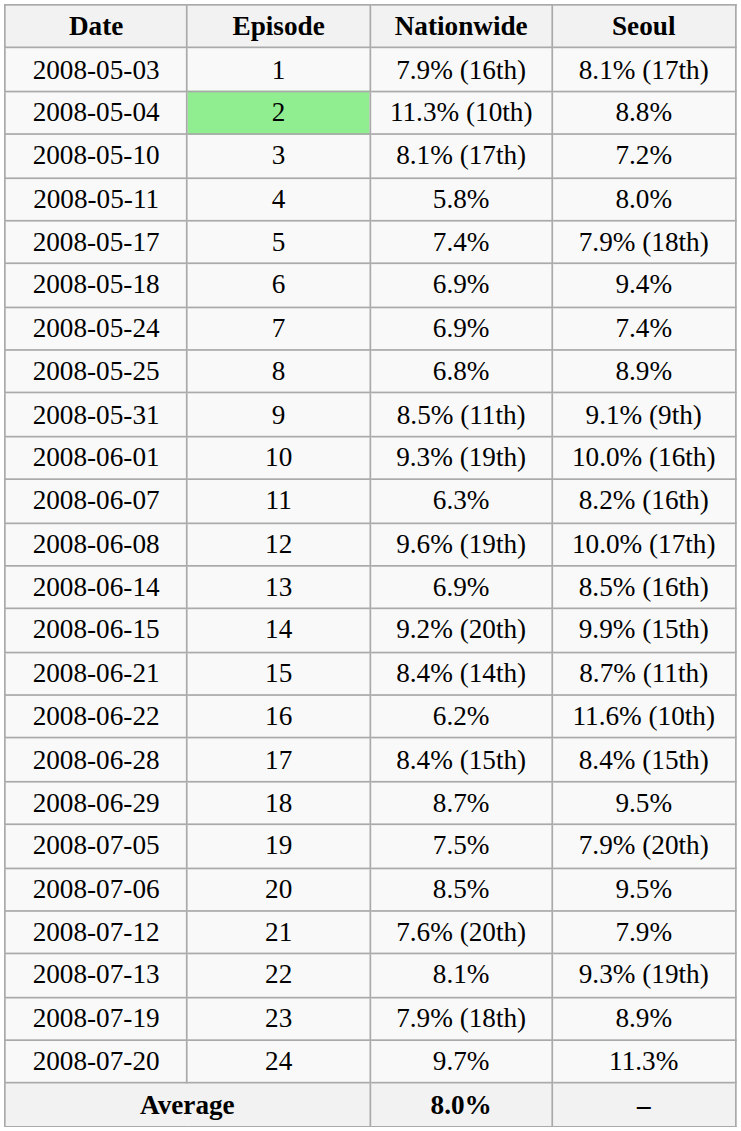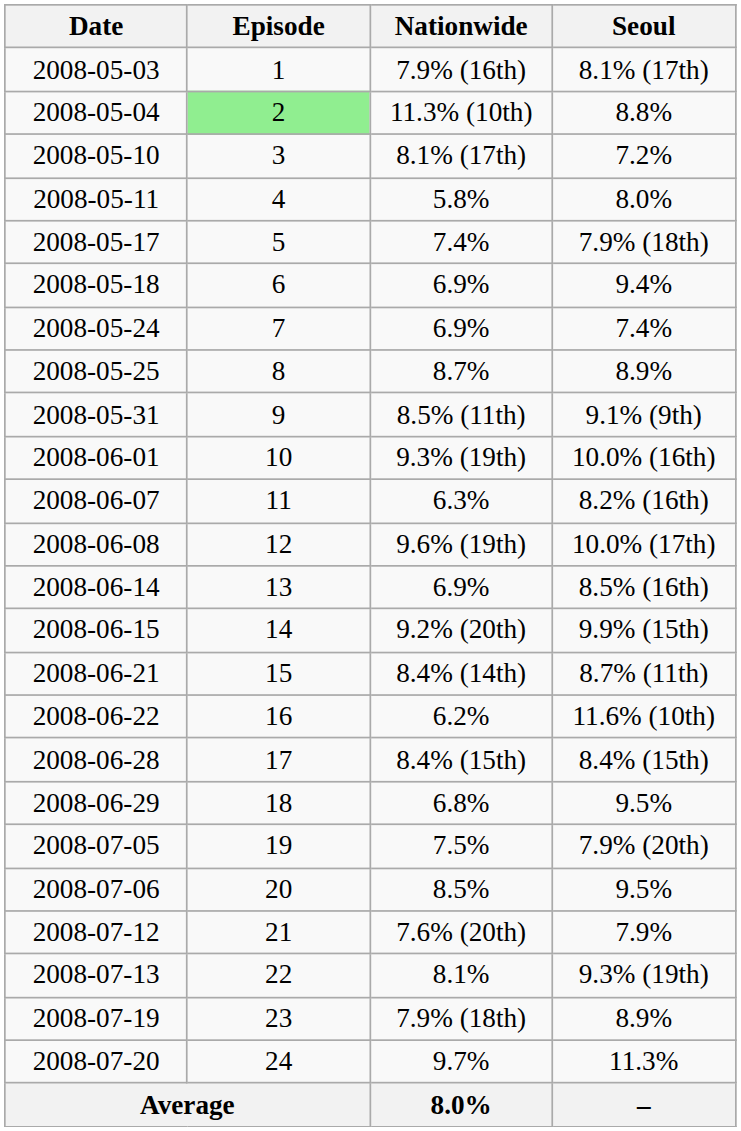 <table class="wikitable">
 <tr>
 <th width=100>Date</th>
 <th width=100>Episode</th>
 <th width=100>Nationwide</th>
 <th width=100>Seoul</th>
 </tr>
 <tr align=center>
 <td>2008-05-03</td>
 <td>1</td>
 <td>7.9% (16th)</td>
 <td>8.1% (17th)</td>
 </tr>
 <tr align=center>
 <td>2008-05-04</td>
 <td style="background: lightgreen;">2</td>
 <td>11.3% (10th)</td>
 <td>8.8%</td>
 </tr>
 <tr align=center>
 <td>2008-05-10</td>
 <td>3</td>
 <td>8.1% (17th)</td>
 <td>7.2%</td>
 </tr>
 <tr align=center>
 <td>2008-05-11</td>
 <td>4</td>
 <td>5.8%</td>
 <td>8.0%</td>
 </tr>
 <tr align=center>
 <td>2008-05-17</td>
 <td>5</td>
 <td>7.4%</td>
 <td>7.9% (18th)</td>
 </tr>
 <tr align=center>
 <td>2008-05-18</td>
 <td>6</td>
 <td>6.9%</td>
 <td>9.4%</td>
 </tr>
 <tr align=center>
 <td>2008-05-24</td>
 <td>7</td>
 <td>6.9%</td>
 <td>7.4%</td>
 </tr>
 <tr align=center>
 <td>2008-05-25</td>
 <td>8</td>
-<td>6.8%</td>
+<td>8.7%</td>
 <td>8.9%</td>
 </tr>
 <tr align=center>
 <td>2008-05-31</td>
 <td>9</td>
 <td>8.5% (11th)</td>
 <td>9.1% (9th)</td>
 </tr>
 <tr align=center>
 <td>2008-06-01</td>
 <td>10</td>
 <td>9.3% (19th)</td>
 <td>10.0% (16th)</td>
 </tr>
 <tr align=center>
 <td>2008-06-07</td>
 <td>11</td>
 <td>6.3%</td>
 <td>8.2% (16th)</td>
 </tr>
 <tr align=center>
 <td>2008-06-08</td>
 <td>12</td>
 <td>9.6% (19th)</td>
 <td>10.0% (17th)</td>
 </tr>
 <tr align=center>
 <td>2008-06-14</td>
 <td>13</td>
 <td>6.9%</td>
 <td>8.5% (16th)</td>
 </tr>
 <tr align=center>
 <td>2008-06-15</td>
 <td>14</td>
 <td>9.2% (20th)</td>
 <td>9.9% (15th)</td>
 </tr>
 <tr align=center>
 <td>2008-06-21</td>
 <td>15</td>
 <td>8.4% (14th)</td>
 <td>8.7% (11th)</td>
 </tr>
 <tr align=center>
 <td>2008-06-22</td>
 <td>16</td>
 <td>6.2%</td>
 <td>11.6% (10th)</td>
 </tr>
 <tr align=center>
 <td>2008-06-28</td>
 <td>17</td>
 <td>8.4% (15th)</td>
 <td>8.4% (15th)</td>
 </tr>
 <tr align=center>
 <td>2008-06-29</td>
 <td>18</td>
-<td>8.7%</td>
+<td>6.8%</td>
 <td>9.5%</td>
 </tr>
 <tr align=center>
 <td>2008-07-05</td>
 <td>19</td>
 <td>7.5%</td>
 <td>7.9% (20th)</td>
 </tr>
 <tr align=center>
 <td>2008-07-06</td>
 <td>20</td>
 <td>8.5%</td>
 <td>9.5%</td>
 </tr>
 <tr align=center>
 <td>2008-07-12</td>
 <td>21</td>
 <td>7.6% (20th)</td>
 <td>7.9%</td>
 </tr>
 <tr align=center>
 <td>2008-07-13</td>
 <td>22</td>
 <td>8.1%</td>
 <td>9.3% (19th)</td>
 </tr>
 <tr align=center>
 <td>2008-07-19</td>
 <td>23</td>
 <td>7.9% (18th)</td>
 <td>8.9%</td>
 </tr>
 <tr align=center>
 <td>2008-07-20</td>
 <td>24</td>
 <td>9.7%</td>
 <td>11.3%</td>
 </tr>
 <tr align="center">
 <th colspan=2>Average</th>
 <th>8.0%</th>
 <th>–</th>
 </tr>
 </table>
